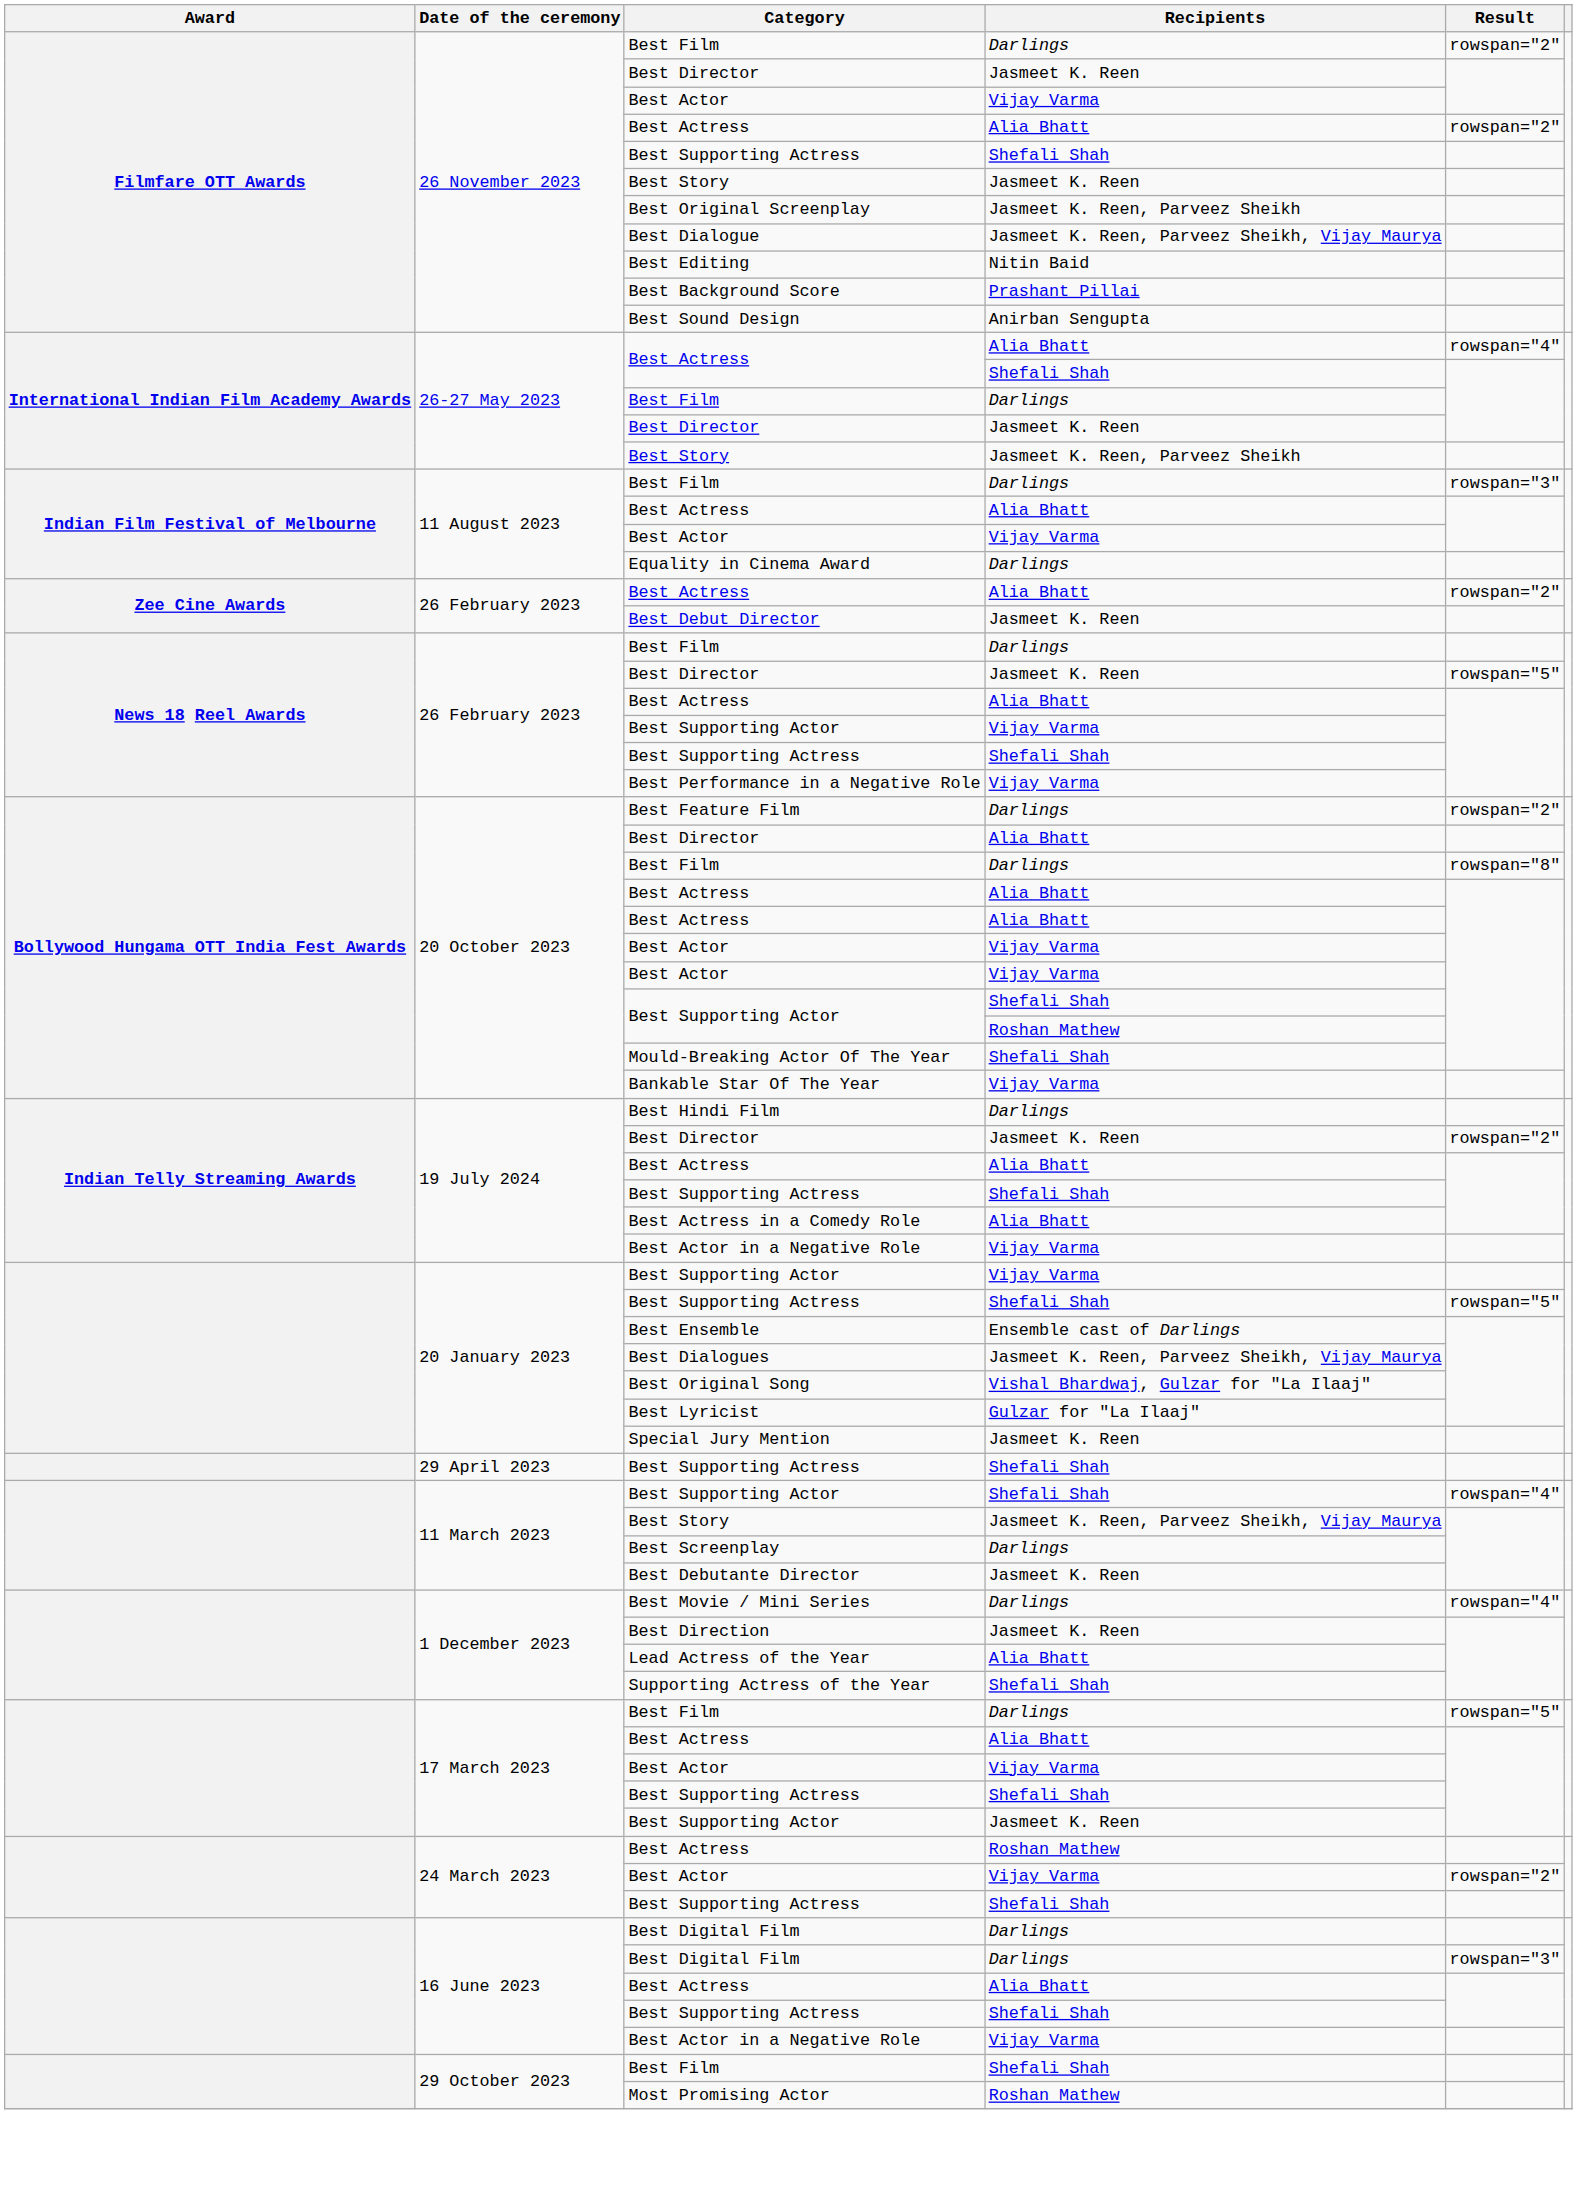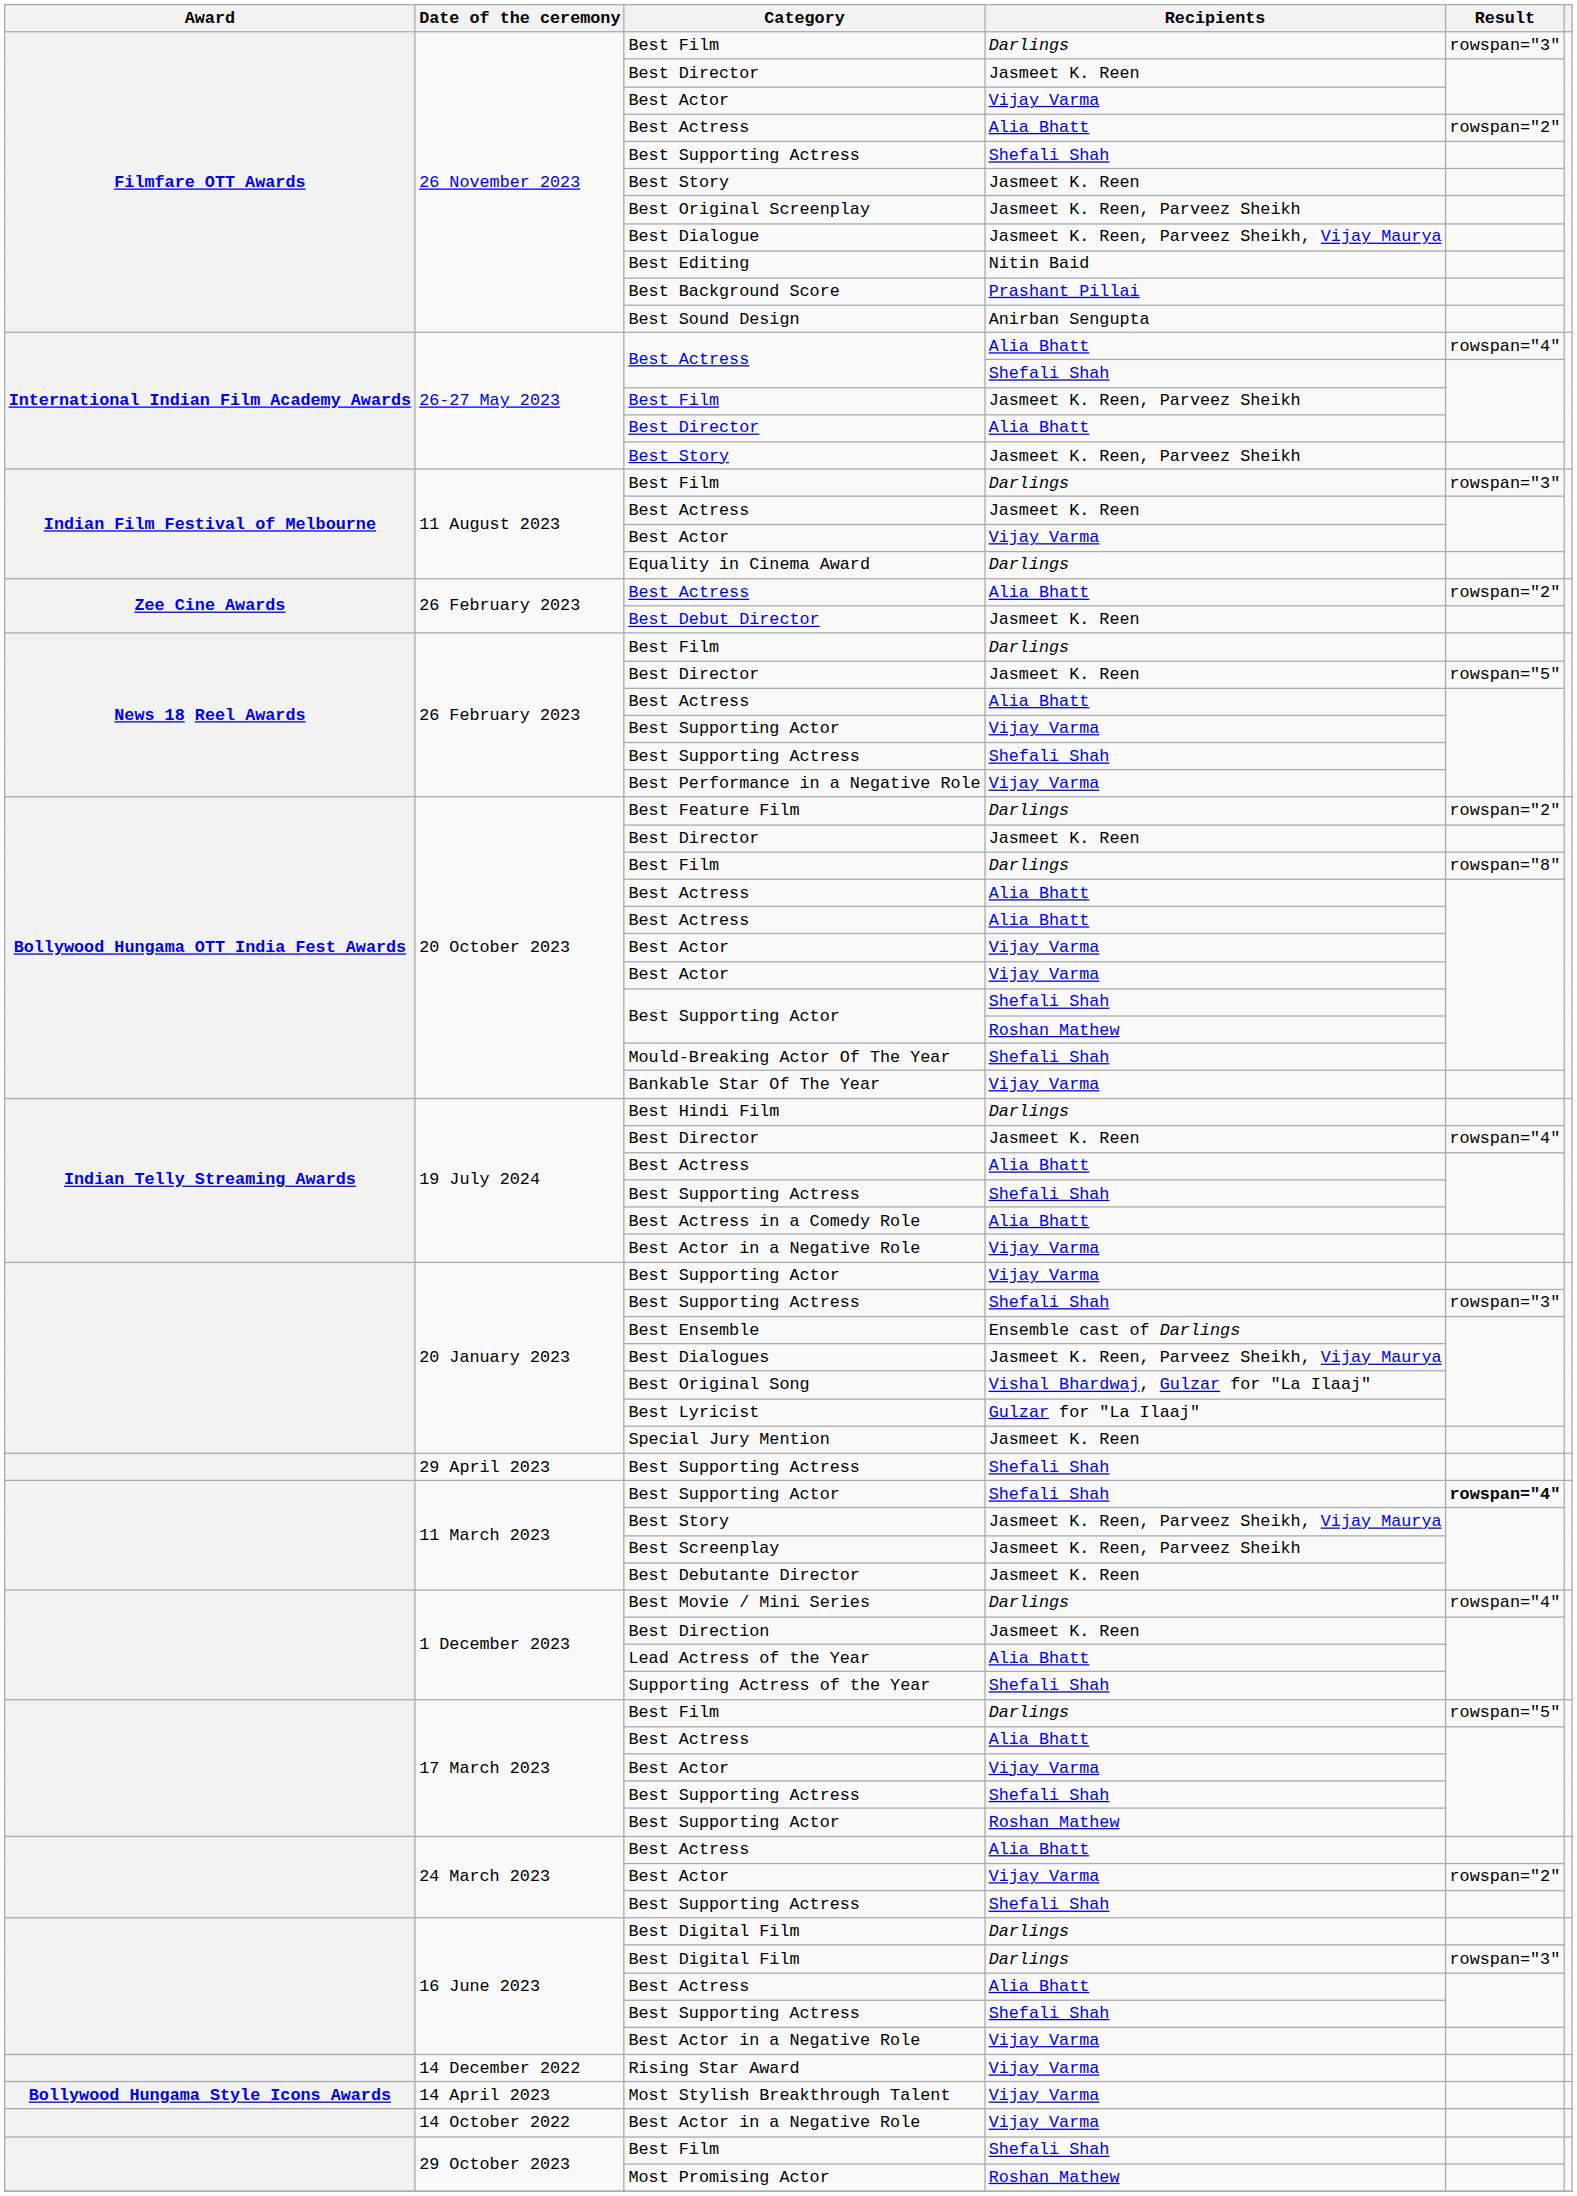 <table class="wikitable plainrowheaders sortable">
 <tr>
 <th scope="col">Award</th>
 <th scope="col">Date of the ceremony</th>
 <th scope="col">Category</th>
 <th scope="col">Recipients</th>
 <th scope="col">Result</th>
 <th scope="col" class="unsortable"></th>
 </tr>
 <tr>
 <th rowspan="11" scope="row"><a href='#'>Filmfare OTT Awards</a><br></th>
 <td rowspan="11"><a href='#'>26 November 2023</a></td>
 <td>Best Film</td>
 <td><em>Darlings</em></td>
-<td>rowspan="2" </td>
+<td>rowspan="3" </td>
 <td rowspan="11" align="center"></td>
 </tr>
 <tr>
 <td>Best Director</td>
 <td>Jasmeet K. Reen</td>
 </tr>
 <tr>
 <td>Best Actor</td>
 <td><a href='#'>Vijay Varma</a></td>
 </tr>
 <tr>
 <td>Best Actress</td>
 <td><a href='#'>Alia Bhatt</a></td>
 <td>rowspan="2" </td>
 </tr>
 <tr>
 <td>Best Supporting Actress</td>
 <td><a href='#'>Shefali Shah</a></td>
 </tr>
 <tr>
 <td>Best Story</td>
 <td>Jasmeet K. Reen</td>
 <td></td>
 </tr>
 <tr>
 <td>Best Original Screenplay</td>
 <td>Jasmeet K. Reen, Parveez Sheikh</td>
 <td></td>
 </tr>
 <tr>
 <td>Best Dialogue</td>
 <td>Jasmeet K. Reen, Parveez Sheikh, <a href='#'>Vijay Maurya</a></td>
 <td></td>
 </tr>
 <tr>
 <td>Best Editing</td>
 <td>Nitin Baid</td>
 <td></td>
 </tr>
 <tr>
 <td>Best Background Score</td>
 <td><a href='#'>Prashant Pillai</a></td>
 <td></td>
 </tr>
 <tr>
 <td>Best Sound Design</td>
 <td>Anirban Sengupta</td>
 <td></td>
 </tr>
 <tr>
 <th rowspan="5" scope="row"><a href='#'>International Indian Film Academy Awards</a></th>
 <td rowspan="5"><a href='#'>26-27 May 2023</a></td>
 <td rowspan="2"><a href='#'>Best Actress</a></td>
 <td><a href='#'>Alia Bhatt</a></td>
 <td>rowspan="4" </td>
 <td rowspan="5" align="center"></td>
 </tr>
 <tr>
 <td><a href='#'>Shefali Shah</a></td>
 </tr>
 <tr>
 <td><a href='#'>Best Film</a></td>
-<td><em>Darlings</em></td>
+<td>Jasmeet K. Reen, Parveez Sheikh</td>
 </tr>
 <tr>
 <td><a href='#'>Best Director</a></td>
-<td>Jasmeet K. Reen</td>
+<td><a href='#'>Alia Bhatt</a></td>
 </tr>
 <tr>
 <td><a href='#'>Best Story</a> </td>
 <td>Jasmeet K. Reen, Parveez Sheikh</td>
 <td></td>
 </tr>
 <tr>
 <th scope="row" rowspan="4"><a href='#'>Indian Film Festival of Melbourne</a></th>
 <td rowspan="4">11 August 2023</td>
 <td>Best Film</td>
 <td><em>Darlings</em></td>
 <td>rowspan="3" </td>
 <td style="text-align: center;" rowspan="4"></td>
 </tr>
 <tr>
 <td>Best Actress</td>
-<td><a href='#'>Alia Bhatt</a></td>
+<td>Jasmeet K. Reen</td>
 </tr>
 <tr>
 <td>Best Actor</td>
 <td><a href='#'>Vijay Varma</a></td>
 </tr>
 <tr>
 <td>Equality in Cinema Award</td>
 <td><em>Darlings</em></td>
 <td></td>
 </tr>
 <tr>
 <th scope="row" rowspan="2"><a href='#'>Zee Cine Awards</a></th>
 <td rowspan="2">26 February 2023</td>
 <td><a href='#'>Best Actress</a></td>
 <td><a href='#'>Alia Bhatt</a></td>
 <td>rowspan="2" </td>
 <td style="text-align: center;" rowspan="2"></td>
 </tr>
 <tr>
 <td><a href='#'>Best Debut Director</a></td>
 <td>Jasmeet K. Reen</td>
 </tr>
 <tr>
 <th scope="row" rowspan="6"><a href='#'>News 18</a> <a href='#'>Reel Awards</a></th>
 <td rowspan="6">26 February 2023</td>
 <td>Best Film </td>
 <td><em>Darlings</em></td>
 <td></td>
 <td rowspan="6" align="center"></td>
 </tr>
 <tr>
 <td>Best Director</td>
 <td>Jasmeet K. Reen</td>
 <td>rowspan="5" </td>
 </tr>
 <tr>
 <td>Best Actress</td>
 <td><a href='#'>Alia Bhatt</a></td>
 </tr>
 <tr>
 <td>Best Supporting Actor</td>
 <td><a href='#'>Vijay Varma</a></td>
 </tr>
 <tr>
 <td>Best Supporting Actress</td>
 <td><a href='#'>Shefali Shah</a></td>
 </tr>
 <tr>
 <td>Best Performance in a Negative Role</td>
 <td><a href='#'>Vijay Varma</a></td>
 </tr>
 <tr>
 <th scope="row" rowspan="11"><a href='#'>Bollywood Hungama OTT India Fest Awards</a></th>
 <td rowspan="11">20 October 2023</td>
 <td>Best Feature Film</td>
 <td><em>Darlings</em></td>
 <td>rowspan="2" </td>
 <td rowspan="11" align="center"></td>
 </tr>
 <tr>
 <td>Best Director</td>
-<td><a href='#'>Alia Bhatt</a></td>
+<td>Jasmeet K. Reen</td>
 </tr>
 <tr>
 <td>Best Film </td>
 <td><em>Darlings</em></td>
 <td>rowspan="8" </td>
 </tr>
 <tr>
 <td>Best Actress</td>
 <td><a href='#'>Alia Bhatt</a></td>
 </tr>
 <tr>
 <td>Best Actress </td>
 <td><a href='#'>Alia Bhatt</a></td>
 </tr>
 <tr>
 <td>Best Actor</td>
 <td><a href='#'>Vijay Varma</a></td>
 </tr>
 <tr>
 <td>Best Actor </td>
 <td><a href='#'>Vijay Varma</a></td>
 </tr>
 <tr>
 <td rowspan="2">Best Supporting Actor</td>
 <td><a href='#'>Shefali Shah</a></td>
 </tr>
 <tr>
 <td><a href='#'>Roshan Mathew</a></td>
 </tr>
 <tr>
 <td>Mould-Breaking Actor Of The Year</td>
 <td><a href='#'>Shefali Shah</a></td>
 </tr>
 <tr>
 <td>Bankable Star Of The Year</td>
 <td><a href='#'>Vijay Varma</a></td>
 <td></td>
 </tr>
 <tr>
 <th scope="row" rowspan="6"><a href='#'>Indian Telly Streaming Awards</a></th>
 <td rowspan="6">19 July 2024</td>
 <td>Best Hindi Film</td>
 <td><em>Darlings</em></td>
 <td></td>
 <td style="text-align: center;" rowspan="6"></td>
 </tr>
 <tr>
 <td>Best Director </td>
 <td>Jasmeet K. Reen</td>
-<td>rowspan="2" </td>
+<td>rowspan="4" </td>
 </tr>
 <tr>
 <td>Best Actress </td>
 <td><a href='#'>Alia Bhatt</a></td>
 </tr>
 <tr>
 <td>Best Supporting Actress </td>
 <td><a href='#'>Shefali Shah</a></td>
 </tr>
 <tr>
 <td>Best Actress in a Comedy Role </td>
 <td><a href='#'>Alia Bhatt</a></td>
 </tr>
 <tr>
 <td>Best Actor in a Negative Role </td>
 <td><a href='#'>Vijay Varma</a></td>
 <td></td>
 </tr>
 <tr>
 <th scope="row" rowspan="7"></th>
 <td rowspan="7">20 January 2023</td>
 <td>Best Supporting Actor</td>
 <td><a href='#'>Vijay Varma</a></td>
 <td></td>
 <td rowspan="7" align="center"></td>
 </tr>
 <tr>
 <td>Best Supporting Actress</td>
 <td><a href='#'>Shefali Shah</a></td>
-<td>rowspan="5" </td>
+<td>rowspan="3" </td>
 </tr>
 <tr>
 <td>Best Ensemble</td>
 <td>Ensemble cast of <em>Darlings</em></td>
 </tr>
 <tr>
 <td>Best Dialogues</td>
 <td>Jasmeet K. Reen, Parveez Sheikh, <a href='#'>Vijay Maurya</a></td>
 </tr>
 <tr>
 <td>Best Original Song</td>
 <td><a href='#'>Vishal Bhardwaj</a>, <a href='#'>Gulzar</a> for "La Ilaaj"</td>
 </tr>
 <tr>
 <td>Best Lyricist</td>
 <td><a href='#'>Gulzar</a> for "La Ilaaj"</td>
 </tr>
 <tr>
 <td>Special Jury Mention</td>
 <td>Jasmeet K. Reen</td>
 <td></td>
 </tr>
 <tr>
 <th scope="row"></th>
 <td>29 April 2023</td>
 <td>Best Supporting Actress</td>
 <td><a href='#'>Shefali Shah</a></td>
 <td></td>
 <td align="center"></td>
 </tr>
 <tr>
 <th scope="row" rowspan="4"></th>
 <td rowspan="4">11 March 2023</td>
 <td>Best Supporting Actor </td>
 <td><a href='#'>Shefali Shah</a></td>
-<td>rowspan="4" </td>
+<td><strong>rowspan="4" </strong></td>
 <td rowspan="4" align="center"></td>
 </tr>
 <tr>
 <td>Best Story </td>
 <td>Jasmeet K. Reen, Parveez Sheikh, <a href='#'>Vijay Maurya</a></td>
 </tr>
 <tr>
 <td>Best Screenplay</td>
-<td><em>Darlings</em></td>
+<td>Jasmeet K. Reen, Parveez Sheikh</td>
 </tr>
 <tr>
 <td>Best Debutante Director</td>
 <td>Jasmeet K. Reen</td>
 </tr>
 <tr>
 <th scope="row" rowspan="4"></th>
 <td rowspan="4">1 December 2023</td>
 <td>Best Movie / Mini Series </td>
 <td><em>Darlings</em></td>
 <td>rowspan="4" </td>
 <td style="text-align: center;" rowspan="4"></td>
 </tr>
 <tr>
 <td>Best Direction </td>
 <td>Jasmeet K. Reen</td>
 </tr>
 <tr>
 <td>Lead Actress of the Year </td>
 <td><a href='#'>Alia Bhatt</a></td>
 </tr>
 <tr>
 <td>Supporting Actress of the Year </td>
 <td><a href='#'>Shefali Shah</a></td>
 </tr>
 <tr>
 <th scope="row" rowspan="5"></th>
 <td rowspan="5">17 March 2023</td>
 <td>Best Film</td>
 <td><em>Darlings</em></td>
 <td>rowspan="5" </td>
 <td rowspan="5" align="center"></td>
 </tr>
 <tr>
 <td>Best Actress</td>
 <td><a href='#'>Alia Bhatt</a></td>
 </tr>
 <tr>
 <td>Best Actor</td>
 <td><a href='#'>Vijay Varma</a></td>
 </tr>
 <tr>
 <td>Best Supporting Actress</td>
 <td><a href='#'>Shefali Shah</a></td>
 </tr>
 <tr>
 <td>Best Supporting Actor</td>
-<td>Jasmeet K. Reen</td>
+<td><a href='#'>Roshan Mathew</a></td>
 </tr>
 <tr>
 <th scope="row" rowspan="3"> </th>
 <td rowspan="3">24 March 2023</td>
 <td>Best Actress</td>
-<td><a href='#'>Roshan Mathew</a></td>
+<td><a href='#'>Alia Bhatt</a></td>
 <td></td>
 <td rowspan="3" align="center"></td>
 </tr>
 <tr>
 <td>Best Actor</td>
 <td><a href='#'>Vijay Varma</a></td>
 <td>rowspan="2" </td>
 </tr>
 <tr>
 <td>Best Supporting Actress</td>
 <td><a href='#'>Shefali Shah</a></td>
 </tr>
 <tr>
 <th scope="row" rowspan="5"></th>
 <td rowspan="5">16 June 2023</td>
 <td>Best Digital Film</td>
 <td><em>Darlings</em></td>
 <td></td>
 <td rowspan="5" align="center"></td>
 </tr>
 <tr>
 <td>Best Digital Film </td>
 <td><em>Darlings</em></td>
 <td>rowspan="3" </td>
 </tr>
 <tr>
 <td>Best Actress</td>
 <td><a href='#'>Alia Bhatt</a></td>
 </tr>
 <tr>
 <td>Best Supporting Actress</td>
 <td><a href='#'>Shefali Shah</a></td>
 </tr>
 <tr>
 <td>Best Actor in a Negative Role</td>
 <td><a href='#'>Vijay Varma</a></td>
 <td></td>
 </tr>
 <tr>
+<th scope="row"></th>
+<td>14 December 2022</td>
+<td>Rising Star Award</td>
+<td><a href='#'>Vijay Varma</a></td>
+<td></td>
+<td align="center"></td>
+</tr>
+<tr>
+<th scope="row"><a href='#'>Bollywood Hungama Style Icons Awards</a></th>
+<td>14 April 2023</td>
+<td>Most Stylish Breakthrough Talent </td>
+<td><a href='#'>Vijay Varma</a></td>
+<td></td>
+<td align="center"></td>
+</tr>
+<tr>
+<th scope="row"></th>
+<td>14 October 2022</td>
+<td>Best Actor in a Negative Role</td>
+<td><a href='#'>Vijay Varma</a></td>
+<td></td>
+<td align="center"></td>
+</tr>
+<tr>
 <th scope="row" rowspan="2"></th>
 <td rowspan="2">29 October 2023</td>
 <td>Best Film</td>
 <td><a href='#'>Shefali Shah</a></td>
 <td></td>
 <td style="text-align: center;" rowspan="2"></td>
 </tr>
 <tr>
 <td>Most Promising Actor</td>
 <td><a href='#'>Roshan Mathew</a></td>
 <td></td>
 </tr>
 <tr>
 </tr>
 </table>
